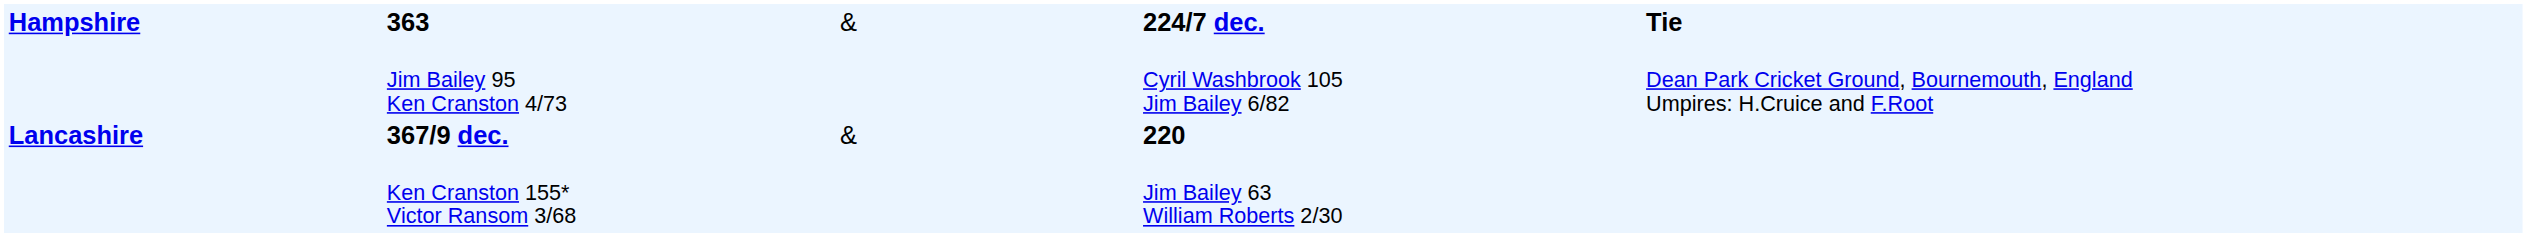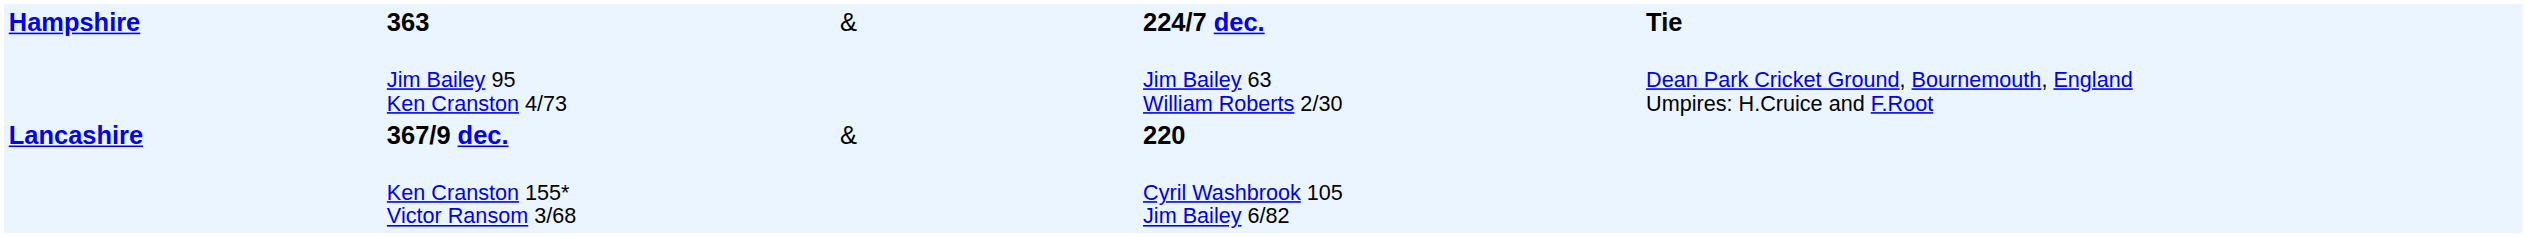 <table width="100%" style="background: #EBF5FF">
 <tr>
 <td width="15%" valign="top" rowspan="2"><strong><a href='#'>Hampshire</a></strong></td>
 <td width="18%"><strong>363</strong></td>
 <td width="12%">&</td>
 <td width="20%"><strong>224/7 <a href='#'>dec.</a></strong></td>
 <td width="35%"><strong>Tie</strong></td>
 </tr>
 <tr>
 <td style="font-size: 85%;" valign="top"><br><a href='#'>Jim Bailey</a> 95<br> <a href='#'>Ken Cranston</a> 4/73</td>
 <td></td>
-<td valign="top" style="font-size: 85%;"><br><a href='#'>Cyril Washbrook</a> 105<br> <a href='#'>Jim Bailey</a> 6/82</td>
+<td style="font-size: 85%;"><br><a href='#'>Jim Bailey</a> 63<br> <a href='#'>William Roberts</a> 2/30</td>
 <td valign="top" style="font-size: 85%;" rowspan="3"><br><a href='#'>Dean Park Cricket Ground</a>, <a href='#'>Bournemouth</a>, <a href='#'>England</a><br> Umpires: H.Cruice and <a href='#'>F.Root</a></td>
 </tr>
 <tr>
 <td valign="top" rowspan="2"><strong><a href='#'>Lancashire</a></strong></td>
 <td><strong>367/9 <a href='#'>dec.</a></strong></td>
 <td>&</td>
 <td><strong>220</strong></td>
 </tr>
 <tr>
 <td style="font-size: 85%;"><br><a href='#'>Ken Cranston</a> 155*<br> <a href='#'>Victor Ransom</a> 3/68</td>
 <td></td>
-<td style="font-size: 85%;"><br><a href='#'>Jim Bailey</a> 63<br> <a href='#'>William Roberts</a> 2/30</td>
+<td valign="top" style="font-size: 85%;"><br><a href='#'>Cyril Washbrook</a> 105<br> <a href='#'>Jim Bailey</a> 6/82</td>
 </tr>
 </table>
